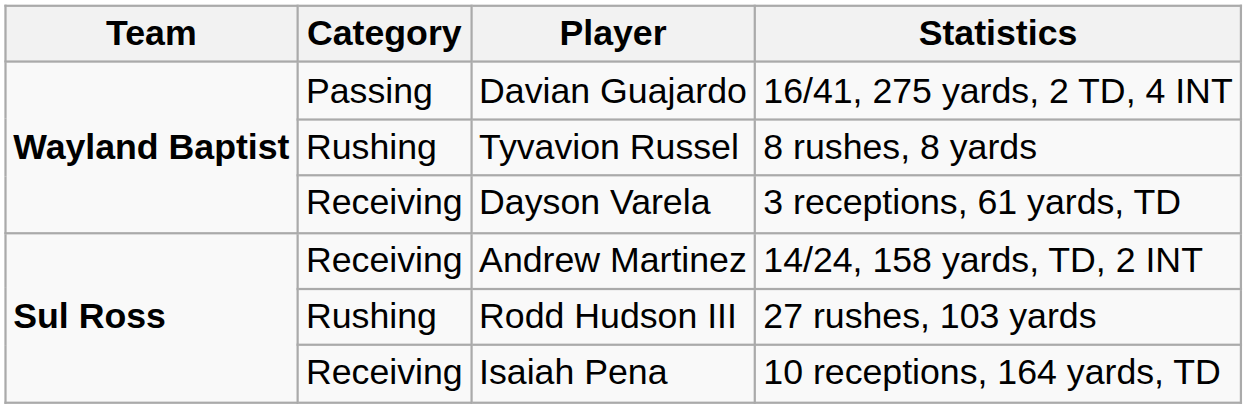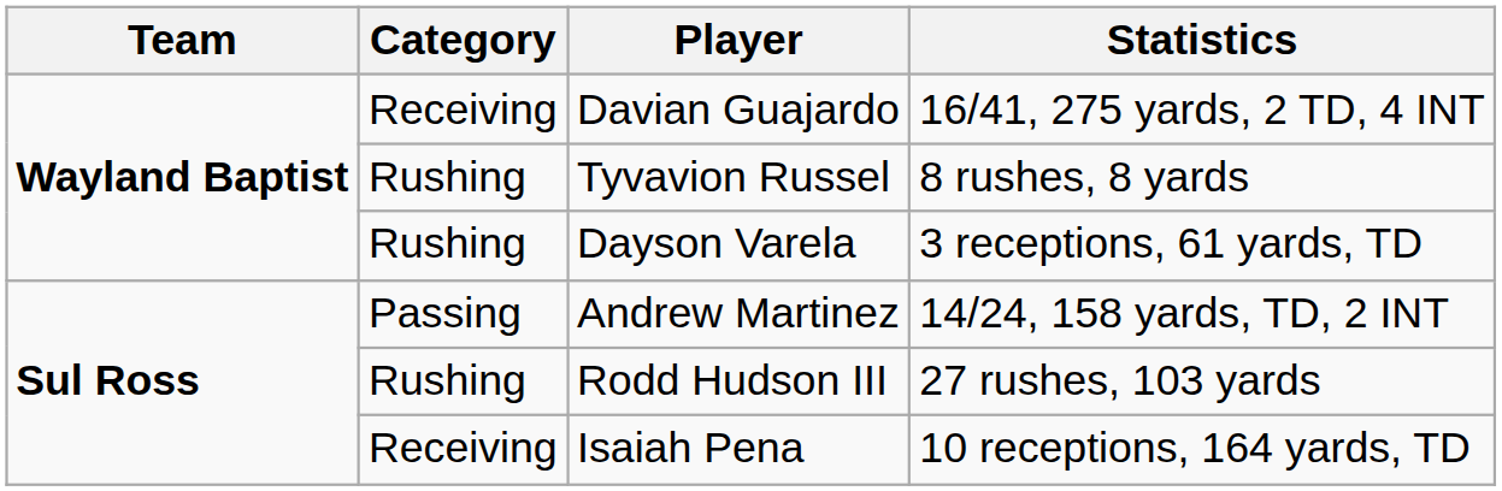 <table class="wikitable" style="float: right;">
 <tr>
 <th>Team</th>
 <th>Category</th>
 <th>Player</th>
 <th>Statistics</th>
 </tr>
 <tr>
 <td rowspan=3><strong>Wayland Baptist</strong></td>
-<td>Passing</td>
+<td>Receiving</td>
 <td>Davian Guajardo</td>
 <td>16/41, 275 yards, 2 TD, 4 INT</td>
 </tr>
 <tr>
 <td>Rushing</td>
 <td>Tyvavion Russel</td>
 <td>8 rushes, 8 yards</td>
 </tr>
 <tr>
-<td>Receiving</td>
+<td>Rushing</td>
 <td>Dayson Varela</td>
 <td>3 receptions, 61 yards, TD</td>
 </tr>
 <tr>
 <td rowspan=3><strong>Sul Ross</strong></td>
-<td>Receiving</td>
+<td>Passing</td>
 <td>Andrew Martinez</td>
 <td>14/24, 158 yards, TD, 2 INT</td>
 </tr>
 <tr>
 <td>Rushing</td>
 <td>Rodd Hudson III</td>
 <td>27 rushes, 103 yards</td>
 </tr>
 <tr>
 <td>Receiving</td>
 <td>Isaiah Pena</td>
 <td>10 receptions, 164 yards, TD</td>
 </tr>
 </table>
